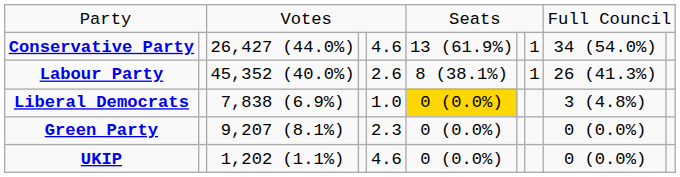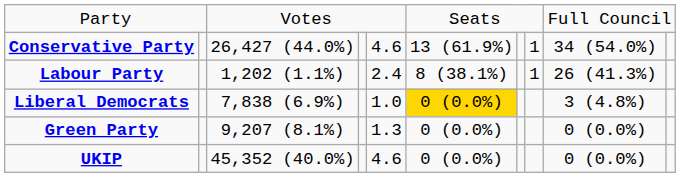 <table class=wikitable style="text-align:center;">
 <tr>
 <td colspan=2>Party</td>
 <td colspan=3>Votes</td>
 <td colspan=3>Seats</td>
 <td colspan=3>Full Council</td>
 </tr>
 <tr>
 <td><strong><a href='#'>Conservative Party</a></strong></td>
 <td style="background:"></td>
 <td>26,427 (44.0%)</td>
 <td></td>
 <td> 4.6</td>
 <td>13 (61.9%)</td>
 <td></td>
 <td> 1</td>
 <td>34 (54.0%)</td>
 <td></td>
 </tr>
 <tr>
 <td><strong><a href='#'>Labour Party</a></strong></td>
 <td style="background:"></td>
-<td>45,352 (40.0%)</td>
+<td>1,202 (1.1%)</td>
 <td></td>
-<td> 2.6</td>
+<td> 2.4</td>
 <td>8 (38.1%)</td>
 <td></td>
 <td> 1</td>
 <td>26 (41.3%)</td>
 <td></td>
 </tr>
 <tr>
 <td><strong><a href='#'>Liberal Democrats</a></strong></td>
 <td style="background:"></td>
 <td>7,838 (6.9%)</td>
 <td></td>
 <td> 1.0</td>
 <td style="background: gold;">0 (0.0%)</td>
 <td></td>
 <td></td>
 <td>3 (4.8%)</td>
 <td></td>
 </tr>
 <tr>
 <td><strong><a href='#'>Green Party</a></strong></td>
 <td style="background:"></td>
 <td>9,207 (8.1%)</td>
 <td></td>
-<td> 2.3</td>
+<td> 1.3</td>
 <td>0 (0.0%)</td>
 <td></td>
 <td></td>
 <td>0 (0.0%)</td>
 <td></td>
 </tr>
 <tr>
 <td><strong><a href='#'>UKIP</a></strong></td>
 <td style="background:"></td>
-<td>1,202 (1.1%)</td>
+<td>45,352 (40.0%)</td>
 <td></td>
 <td> 4.6</td>
 <td>0 (0.0%)</td>
 <td></td>
 <td></td>
 <td>0 (0.0%)</td>
 <td></td>
 </tr>
 </table>
